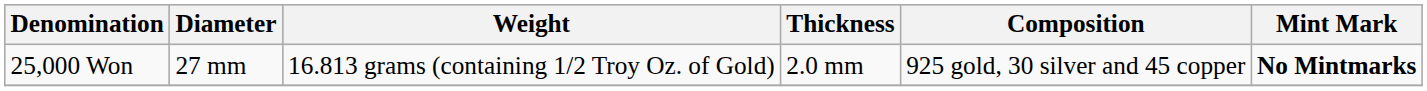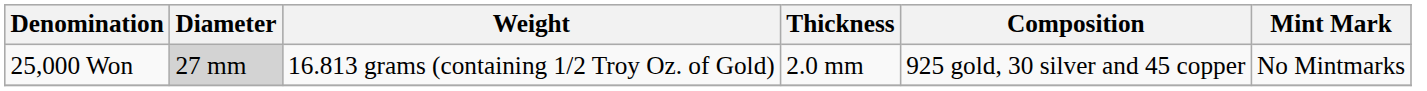 <table class="wikitable sortable">
 <tr>
 <th>Denomination</th>
 <th>Diameter</th>
 <th>Weight</th>
 <th>Thickness</th>
 <th>Composition</th>
 <th>Mint Mark</th>
 </tr>
 <tr>
 <td>25,000 Won</td>
-<td>27 mm</td>
+<td style="background: lightgrey;">27 mm</td>
 <td>16.813 grams (containing 1/2 Troy Oz. of Gold)</td>
 <td>2.0 mm</td>
 <td>925 gold, 30 silver and 45 copper</td>
-<td><strong>No Mintmarks</strong></td>
+<td>No Mintmarks</td>
 </tr>
 <tr>
 </tr>
 </table>
